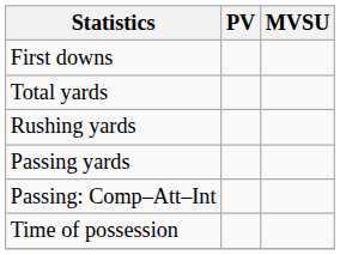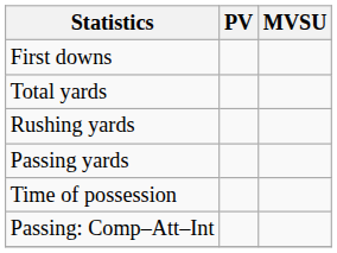 <table class="wikitable" style="float: left;">
 <tr>
 <th>Statistics</th>
 <th>PV</th>
 <th>MVSU</th>
 </tr>
 <tr>
 <td>First downs</td>
 <td></td>
 <td></td>
 </tr>
 <tr>
 <td>Total yards</td>
 <td></td>
 <td></td>
 </tr>
 <tr>
 <td>Rushing yards</td>
 <td></td>
 <td></td>
 </tr>
 <tr>
 <td>Passing yards</td>
 <td></td>
 <td></td>
 </tr>
 <tr>
-<td>Passing: Comp–Att–Int</td>
+<td>Time of possession</td>
 <td></td>
 <td></td>
 </tr>
 <tr>
-<td>Time of possession</td>
+<td>Passing: Comp–Att–Int</td>
 <td></td>
 <td></td>
 </tr>
 <tr>
 </tr>
 </table>
